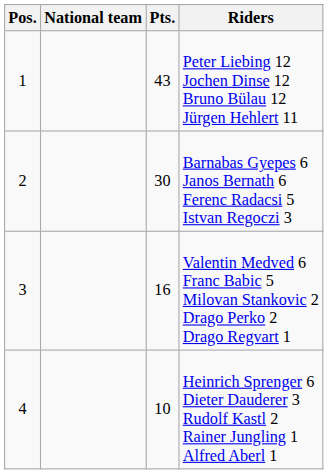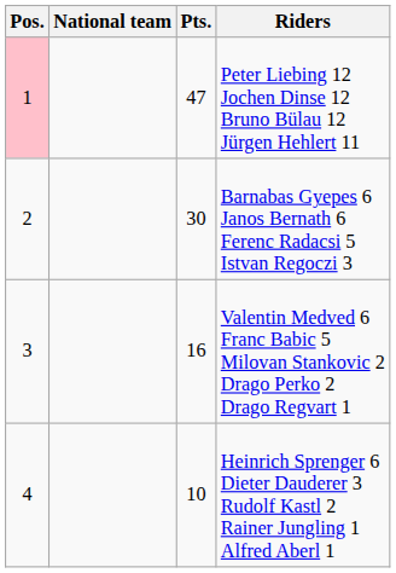 <table class=wikitable style="font-size:93%;">
 <tr>
 <th>Pos.</th>
 <th>National team</th>
 <th>Pts.</th>
 <th>Riders</th>
 </tr>
 <tr align=center >
-<td>1</td>
+<td style="background: pink;">1</td>
 <td style="text-align:left"></td>
-<td>43</td>
+<td>47</td>
 <td style="text-align:left"><br><a href='#'>Peter Liebing</a> 12<br> <a href='#'>Jochen Dinse</a> 12<br> <a href='#'>Bruno Bülau</a> 12<br> <a href='#'>Jürgen Hehlert</a> 11</td>
 </tr>
 <tr style="text-align:center">
 <td>2</td>
 <td style="text-align:left"></td>
 <td>30</td>
 <td style="text-align:left"><br><a href='#'>Barnabas Gyepes</a> 6<br> <a href='#'>Janos Bernath</a> 6<br> <a href='#'>Ferenc Radacsi</a> 5<br> <a href='#'>Istvan Regoczi</a> 3</td>
 </tr>
 <tr style="text-align:center">
 <td>3</td>
 <td style="text-align:left"></td>
 <td>16</td>
 <td style="text-align:left"><br><a href='#'>Valentin Medved</a> 6<br> <a href='#'>Franc Babic</a> 5<br> <a href='#'>Milovan Stankovic</a> 2<br> <a href='#'>Drago Perko</a> 2<br> <a href='#'>Drago Regvart</a> 1</td>
 </tr>
 <tr style="text-align:center">
 <td>4</td>
 <td style="text-align:left"></td>
 <td>10</td>
 <td style="text-align:left"><br><a href='#'>Heinrich Sprenger</a> 6<br> <a href='#'>Dieter Dauderer</a> 3<br> <a href='#'>Rudolf Kastl</a> 2<br> <a href='#'>Rainer Jungling</a> 1<br> <a href='#'>Alfred Aberl</a> 1</td>
 </tr>
 </table>
